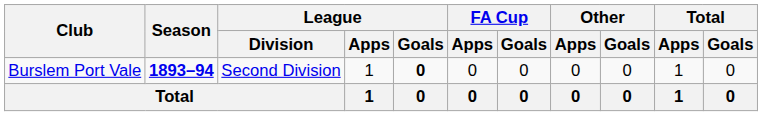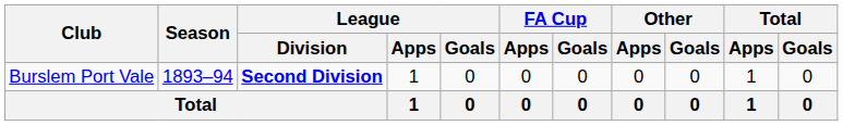 <table class="wikitable" style="text-align:center">
 <tr>
 <th rowspan="2">Club</th>
 <th rowspan="2">Season</th>
 <th colspan="3">League</th>
 <th colspan="2"><a href='#'>FA Cup</a></th>
 <th colspan="2">Other</th>
 <th colspan="2">Total</th>
 </tr>
 <tr>
 <th>Division</th>
 <th>Apps</th>
 <th>Goals</th>
 <th>Apps</th>
 <th>Goals</th>
 <th>Apps</th>
 <th>Goals</th>
 <th>Apps</th>
 <th>Goals</th>
 </tr>
 <tr>
 <td><a href='#'>Burslem Port Vale</a></td>
-<td><strong><a href='#'>1893–94</a></strong></td>
-<td><a href='#'>Second Division</a></td>
+<td><a href='#'>1893–94</a></td>
+<td><strong><a href='#'>Second Division</a></strong></td>
 <td>1</td>
-<td><strong>0</strong></td>
+<td>0</td>
 <td>0</td>
 <td>0</td>
 <td>0</td>
 <td>0</td>
 <td>1</td>
 <td>0</td>
 </tr>
 <tr>
 <th colspan="3">Total</th>
 <th>1</th>
 <th>0</th>
 <th>0</th>
 <th>0</th>
 <th>0</th>
 <th>0</th>
 <th>1</th>
 <th>0</th>
 </tr>
 </table>
